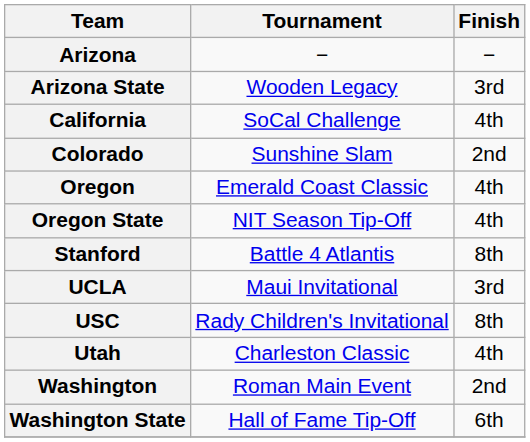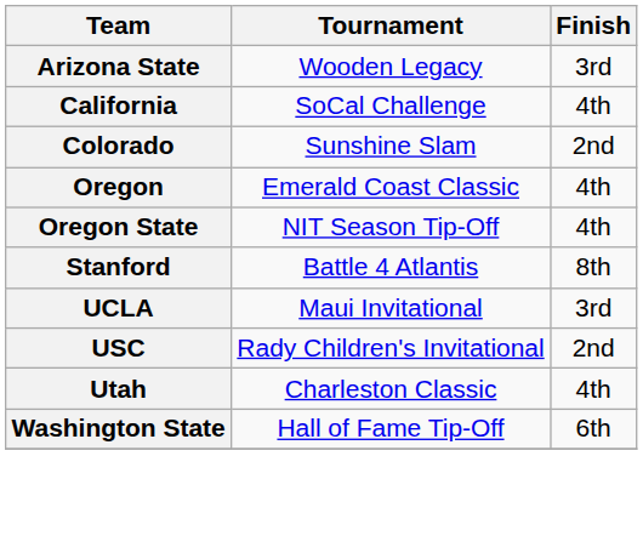 <table class="wikitable">
 <tr>
 <th>Team</th>
 <th>Tournament</th>
 <th>Finish</th>
-</tr>
-<tr style="text-align:center;">
-<th>Arizona</th>
-<td style="text-align:center;">−</td>
-<td>−</td>
 </tr>
 <tr style="text-align:center;">
 <th>Arizona State</th>
 <td><a href='#'>Wooden Legacy</a></td>
 <td>3rd</td>
 </tr>
 <tr style="text-align:center;">
 <th>California</th>
 <td><a href='#'>SoCal Challenge</a></td>
 <td>4th</td>
 </tr>
 <tr style="text-align:center;">
 <th>Colorado</th>
 <td><a href='#'>Sunshine Slam</a></td>
 <td>2nd</td>
 </tr>
 <tr style="text-align:center;">
 <th>Oregon</th>
 <td><a href='#'>Emerald Coast Classic</a></td>
 <td>4th</td>
 </tr>
 <tr style="text-align:center;">
 <th>Oregon State</th>
 <td><a href='#'>NIT Season Tip-Off</a></td>
 <td>4th</td>
 </tr>
 <tr style="text-align:center;">
 <th>Stanford</th>
 <td><a href='#'>Battle 4 Atlantis</a></td>
 <td>8th</td>
 </tr>
 <tr style="text-align:center;">
 <th>UCLA</th>
 <td><a href='#'>Maui Invitational</a></td>
 <td>3rd</td>
 </tr>
 <tr style="text-align:center;">
 <th>USC</th>
 <td><a href='#'>Rady Children's Invitational</a></td>
-<td>8th</td>
+<td>2nd</td>
 </tr>
 <tr style="text-align:center;">
 <th>Utah</th>
 <td><a href='#'>Charleston Classic</a></td>
 <td>4th</td>
-</tr>
-<tr style="text-align:center;">
-<th>Washington</th>
-<td><a href='#'>Roman Main Event</a></td>
-<td>2nd</td>
 </tr>
 <tr style="text-align:center;">
 <th>Washington State</th>
 <td><a href='#'>Hall of Fame Tip-Off</a></td>
 <td>6th</td>
 </tr>
 <tr>
 </tr>
 </table>
